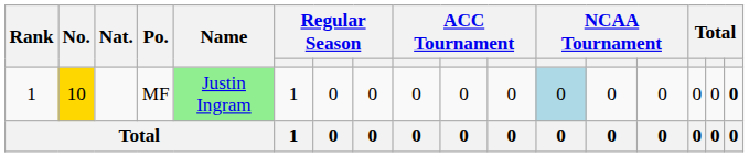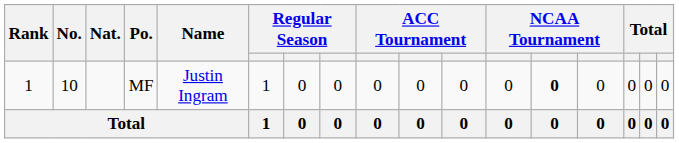 <table class="wikitable" style="text-align:center; font-size:95%; width:95%;">
 <tr>
 <th rowspan=2>Rank</th>
 <th rowspan=2>No.</th>
 <th rowspan=2>Nat.</th>
 <th rowspan=2>Po.</th>
 <th rowspan=2>Name</th>
 <th colspan=3><a href='#'>Regular Season</a></th>
 <th colspan=3><a href='#'>ACC Tournament</a></th>
 <th colspan=3><a href='#'>NCAA Tournament</a></th>
 <th colspan=3>Total</th>
 </tr>
 <tr>
 <th></th>
 <th></th>
 <th></th>
 <th></th>
 <th></th>
 <th></th>
 <th></th>
 <th></th>
 <th></th>
 <th></th>
 <th></th>
 <th></th>
 </tr>
 <tr>
 <td>1</td>
-<td style="background: gold;">10</td>
+<td>10</td>
 <td></td>
 <td>MF</td>
-<td style="background: lightgreen;"><a href='#'>Justin Ingram</a></td>
+<td><a href='#'>Justin Ingram</a></td>
 <td>1</td>
 <td>0</td>
 <td>0</td>
 <td>0</td>
 <td>0</td>
 <td>0</td>
-<td style="background: lightblue;">0</td>
+<td>0</td>
+<td><strong>0</strong></td>
 <td>0</td>
 <td>0</td>
 <td>0</td>
 <td>0</td>
-<td><strong>0</strong></td>
 </tr>
 <tr>
 <th colspan=5>Total</th>
 <th>1</th>
 <th>0</th>
 <th>0</th>
 <th>0</th>
 <th>0</th>
 <th>0</th>
 <th>0</th>
 <th>0</th>
 <th>0</th>
 <th>0</th>
 <th>0</th>
 <th>0</th>
 </tr>
 </table>
